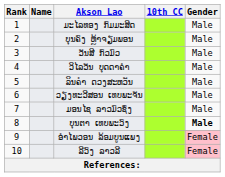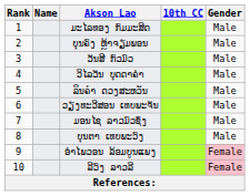 <table class="wikitable sortable" style=text-align:center>
 <tr>
 <th>Rank</th>
 <th>Name</th>
 <th class="unsortable"><a href='#'>Akson Lao</a></th>
 <th><a href='#'>10th CC</a></th>
 <th>Gender</th>
 </tr>
 <tr>
 <td>1</td>
 <td bgcolor = #EAECF0></td>
 <td bgcolor = #EAECF0>ມະໄລທອງ ກົມມະສິດ</td>
 <td bgcolor = GreenYellow></td>
 <td>Male</td>
 </tr>
 <tr>
 <td>2</td>
 <td bgcolor = #EAECF0></td>
 <td bgcolor = #EAECF0>ບຸນຄົງ ຫຼ້າຈຽມພອນ</td>
 <td bgcolor = GreenYellow></td>
 <td>Male</td>
 </tr>
 <tr>
 <td>3</td>
 <td bgcolor = #EAECF0></td>
 <td bgcolor = #EAECF0>ວັນສີ ກົວມົວ</td>
 <td bgcolor = GreenYellow></td>
 <td>Male</td>
 </tr>
 <tr>
 <td>4</td>
 <td bgcolor = #EAECF0></td>
 <td bgcolor = #EAECF0>ວິໄລວັນ ບຸດດາຄໍາ</td>
 <td bgcolor = GreenYellow></td>
 <td>Male</td>
 </tr>
 <tr>
 <td>5</td>
 <td bgcolor = #EAECF0></td>
 <td bgcolor = #EAECF0>ລິນຄໍາ ດວງສະຫວັນ</td>
 <td bgcolor = GreenYellow></td>
 <td>Male</td>
 </tr>
 <tr>
 <td>6</td>
 <td bgcolor = #EAECF0></td>
 <td bgcolor = #EAECF0>ວຽງທະວີສອນ ເທບພະຈັນ</td>
 <td bgcolor = GreenYellow></td>
 <td>Male</td>
 </tr>
 <tr>
 <td>7</td>
 <td bgcolor = #EAECF0></td>
 <td bgcolor = #EAECF0>ມອນໄຊ ລາວມົວຊົ່ງ</td>
 <td bgcolor = GreenYellow></td>
 <td>Male</td>
 </tr>
 <tr>
 <td>8</td>
 <td bgcolor = #EAECF0></td>
 <td bgcolor = #EAECF0>ບຸນຕາ ເທບພະວົງ</td>
 <td bgcolor = GreenYellow></td>
-<td><strong>Male</strong></td>
+<td>Male</td>
 </tr>
 <tr>
 <td>9</td>
 <td bgcolor = #EAECF0></td>
 <td bgcolor = #EAECF0>ອໍາໄພວອນ ລ້ອມບູນແພງ</td>
 <td bgcolor = GreenYellow></td>
 <td bgcolor = Pink>Female</td>
 </tr>
 <tr>
 <td>10</td>
 <td bgcolor = #EAECF0></td>
 <td bgcolor = #EAECF0>ລີວົງ ລາວລີ</td>
 <td bgcolor = GreenYellow></td>
 <td bgcolor = Pink>Female</td>
 </tr>
 <tr class=sortbottom>
 <th colspan = "23" align = left><strong>References:</strong><br></th>
 </tr>
 </table>
